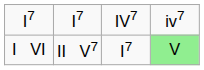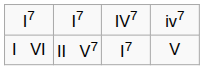 <table class="wikitable" style="text-align:center">
 <tr>
 <td style="width:25%;">I<sup>7</sup></td>
 <td style="width:25%;">I<sup>7</sup></td>
 <td style="width:25%;">IV<sup>7</sup></td>
 <td style="width:25%;">iv<sup>7</sup></td>
 </tr>
 <tr>
 <td>I   VI</td>
 <td>II   V<sup>7</sup></td>
 <td>I<sup>7</sup></td>
-<td style="background: lightgreen;">V</td>
+<td>V</td>
 </tr>
 </table>
